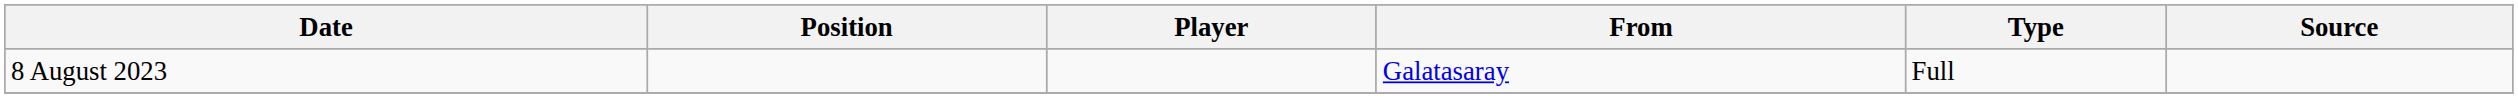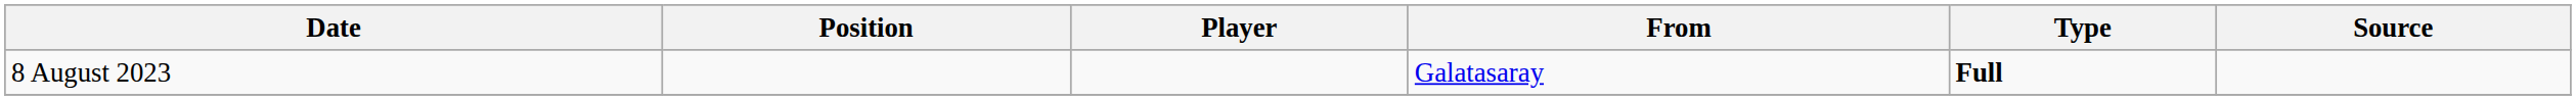 <table class="wikitable sortable" style="width:90%; text-align:center; font-size:95%; text-align:left;">
 <tr>
 <th>Date</th>
 <th>Position</th>
 <th>Player</th>
 <th>From</th>
 <th>Type</th>
 <th>Source</th>
 </tr>
 <tr>
 <td>8 August 2023</td>
 <td></td>
 <td></td>
 <td> <a href='#'>Galatasaray</a></td>
-<td>Full</td>
+<td><strong>Full</strong></td>
 <td></td>
 </tr>
 <tr>
 </tr>
 </table>
